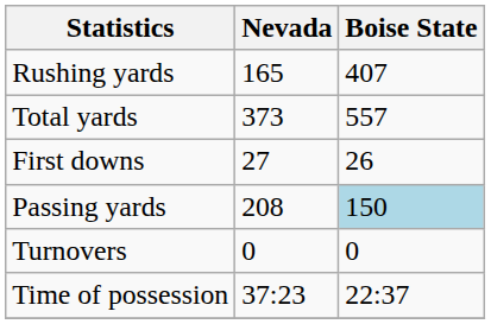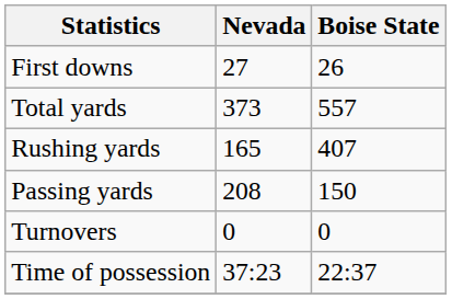 <table class="wikitable">
 <tr>
 <th>Statistics</th>
 <th>Nevada</th>
 <th>Boise State</th>
 </tr>
 <tr>
-<td>Rushing yards</td>
-<td>165</td>
-<td>407</td>
+<td>First downs</td>
+<td>27</td>
+<td>26</td>
 </tr>
 <tr>
 <td>Total yards</td>
 <td>373</td>
 <td>557</td>
 </tr>
 <tr>
-<td>First downs</td>
-<td>27</td>
-<td>26</td>
+<td>Rushing yards</td>
+<td>165</td>
+<td>407</td>
 </tr>
 <tr>
 <td>Passing yards</td>
 <td>208</td>
-<td style="background: lightblue;">150</td>
+<td>150</td>
 </tr>
 <tr>
 <td>Turnovers</td>
 <td>0</td>
 <td>0</td>
 </tr>
 <tr>
 <td>Time of possession</td>
 <td>37:23</td>
 <td>22:37</td>
 </tr>
 <tr>
 </tr>
 </table>
